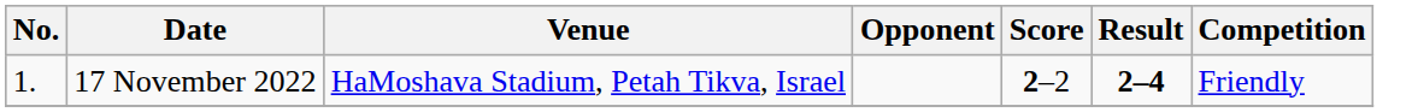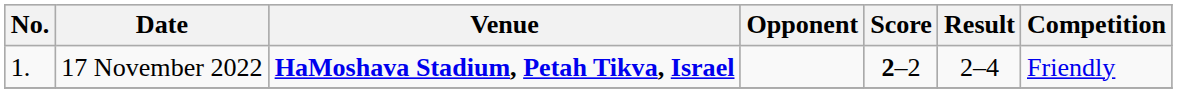 <table class="wikitable">
 <tr>
 <th>No.</th>
 <th>Date</th>
 <th>Venue</th>
 <th>Opponent</th>
 <th>Score</th>
 <th>Result</th>
 <th>Competition</th>
 </tr>
 <tr>
 <td>1.</td>
 <td>17 November 2022</td>
-<td><a href='#'>HaMoshava Stadium</a>, <a href='#'>Petah Tikva</a>, <a href='#'>Israel</a></td>
+<td><strong><a href='#'>HaMoshava Stadium</a>, <a href='#'>Petah Tikva</a>, <a href='#'>Israel</a></strong></td>
 <td></td>
 <td align=center><strong>2</strong>–2</td>
-<td align=center><strong>2–4</strong></td>
+<td align=center>2–4</td>
 <td><a href='#'>Friendly</a></td>
 </tr>
 <tr>
 </tr>
 </table>
